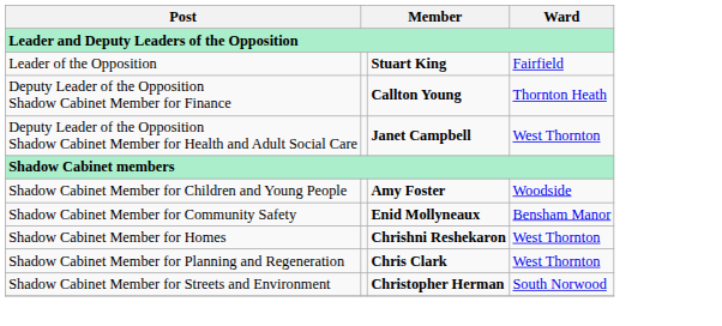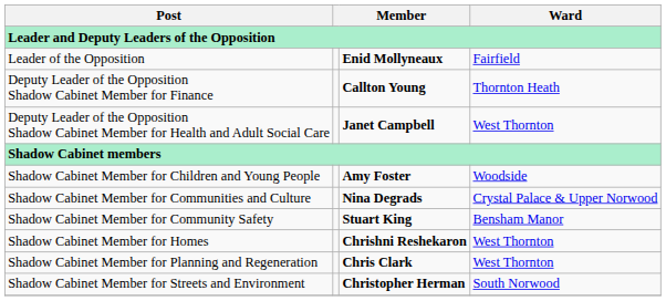 <table class="wikitable">
 <tr>
 <th>Post</th>
 <th colspan=2>Member</th>
 <th colspan=1>Ward</th>
 </tr>
 <tr>
 <td style="background:#aaeecc;" colspan="4"><strong>Leader and Deputy Leaders of the Opposition</strong></td>
 </tr>
 <tr>
 <td>Leader of the Opposition</td>
 <td style="background-color: "></td>
-<td><strong>Stuart King</strong></td>
+<td><strong>Enid Mollyneaux</strong></td>
 <td><a href='#'>Fairfield</a></td>
 </tr>
 <tr>
 <td>Deputy Leader of the Opposition<br>Shadow Cabinet Member for Finance</td>
 <td style="background-color: "></td>
 <td><strong>Callton Young</strong></td>
 <td><a href='#'>Thornton Heath</a></td>
 </tr>
 <tr>
 <td>Deputy Leader of the Opposition<br>Shadow Cabinet Member for Health and Adult Social Care</td>
 <td style="background-color: "></td>
 <td><strong>Janet Campbell</strong></td>
 <td><a href='#'>West Thornton</a></td>
 </tr>
 <tr>
 <td style="background:#aaeecc;" colspan="4"><strong>Shadow Cabinet members</strong></td>
 </tr>
 <tr>
 <td>Shadow Cabinet Member for Children and Young People</td>
 <td style="background-color: "></td>
 <td><strong>Amy Foster</strong></td>
 <td><a href='#'>Woodside</a></td>
 </tr>
 <tr>
+<td>Shadow Cabinet Member for Communities and Culture</td>
+<td style="background-color: "></td>
+<td><strong>Nina Degrads</strong></td>
+<td><a href='#'>Crystal Palace & Upper Norwood</a></td>
+</tr>
+<tr>
 <td>Shadow Cabinet Member for Community Safety</td>
 <td style="background-color: "></td>
-<td><strong>Enid Mollyneaux</strong></td>
+<td><strong>Stuart King</strong></td>
 <td><a href='#'>Bensham Manor</a></td>
 </tr>
 <tr>
 <td>Shadow Cabinet Member for Homes</td>
 <td style="background-color: "></td>
 <td><strong>Chrishni Reshekaron</strong></td>
 <td><a href='#'>West Thornton</a></td>
 </tr>
 <tr>
 <td>Shadow Cabinet Member for Planning and Regeneration</td>
 <td style="background-color: "></td>
 <td><strong>Chris Clark</strong></td>
 <td><a href='#'>West Thornton</a></td>
 </tr>
 <tr>
 <td>Shadow Cabinet Member for Streets and Environment</td>
 <td style="background-color: "></td>
 <td><strong>Christopher Herman</strong></td>
 <td><a href='#'>South Norwood</a></td>
 </tr>
 <tr>
 </tr>
 </table>
